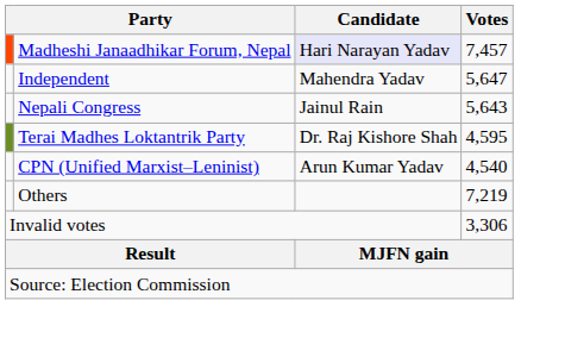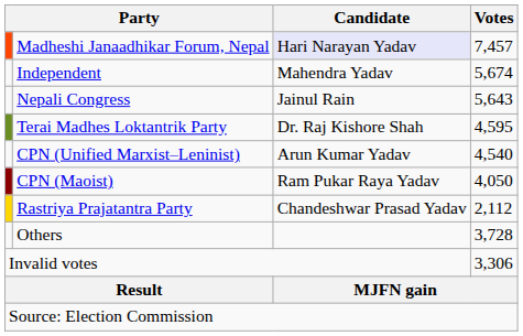 <table class="wikitable">
 <tr>
 <th colspan="2">Party</th>
 <th>Candidate</th>
 <th>Votes</th>
 </tr>
 <tr>
 <td style="background-color:orangered"></td>
 <td><a href='#'>Madheshi Janaadhikar Forum, Nepal</a></td>
 <td style="background: lavender;">Hari Narayan Yadav</td>
 <td>7,457</td>
 </tr>
 <tr>
 <td style="background-color:"></td>
 <td><a href='#'>Independent</a></td>
 <td>Mahendra Yadav</td>
-<td>5,647</td>
+<td>5,674</td>
 </tr>
 <tr>
 <td style="background-color:"></td>
 <td><a href='#'>Nepali Congress</a></td>
 <td>Jainul Rain</td>
 <td>5,643</td>
 </tr>
 <tr>
 <td style="background-color:olivedrab"></td>
 <td><a href='#'>Terai Madhes Loktantrik Party</a></td>
 <td>Dr. Raj Kishore Shah</td>
 <td>4,595</td>
 </tr>
 <tr>
 <td style="background-color:"></td>
 <td><a href='#'>CPN (Unified Marxist–Leninist)</a></td>
 <td>Arun Kumar Yadav</td>
 <td>4,540</td>
 </tr>
 <tr>
+<td style="background-color:darkred"></td>
+<td><a href='#'>CPN (Maoist)</a></td>
+<td>Ram Pukar Raya Yadav</td>
+<td>4,050</td>
+</tr>
+<tr>
+<td style="background-color:gold"></td>
+<td><a href='#'>Rastriya Prajatantra Party</a></td>
+<td>Chandeshwar Prasad Yadav</td>
+<td>2,112</td>
+</tr>
+<tr>
 <td></td>
 <td>Others</td>
 <td></td>
-<td>7,219</td>
+<td>3,728</td>
 </tr>
 <tr>
 <td colspan="3">Invalid votes</td>
 <td>3,306</td>
 </tr>
 <tr>
 <th colspan="2">Result</th>
 <th colspan="2">MJFN gain</th>
 </tr>
 <tr>
 <td colspan="4">Source: Election Commission</td>
 </tr>
 </table>
